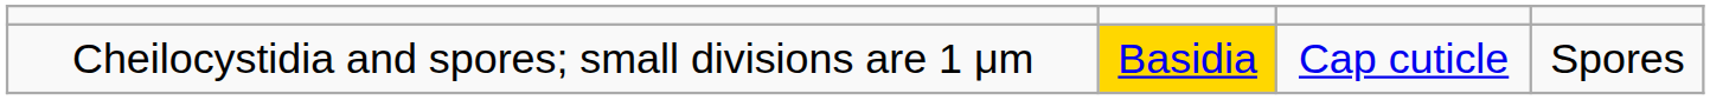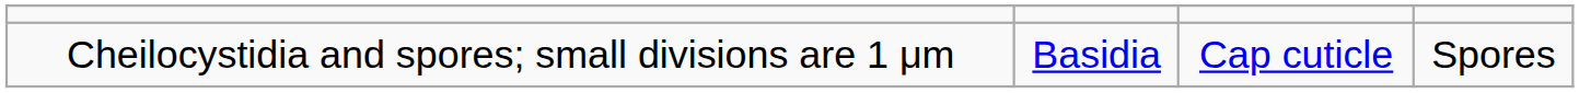 <table class="wikitable" style="width:640px; margin: 1em auto; text-align: center;">
 <tr>
 <td></td>
 <td></td>
 <td></td>
 <td></td>
 </tr>
 <tr>
 <td>Cheilocystidia and spores; small divisions are 1 μm</td>
-<td style="background: gold;"><a href='#'>Basidia</a></td>
+<td><a href='#'>Basidia</a></td>
 <td><a href='#'>Cap cuticle</a></td>
 <td>Spores</td>
 </tr>
 </table>
